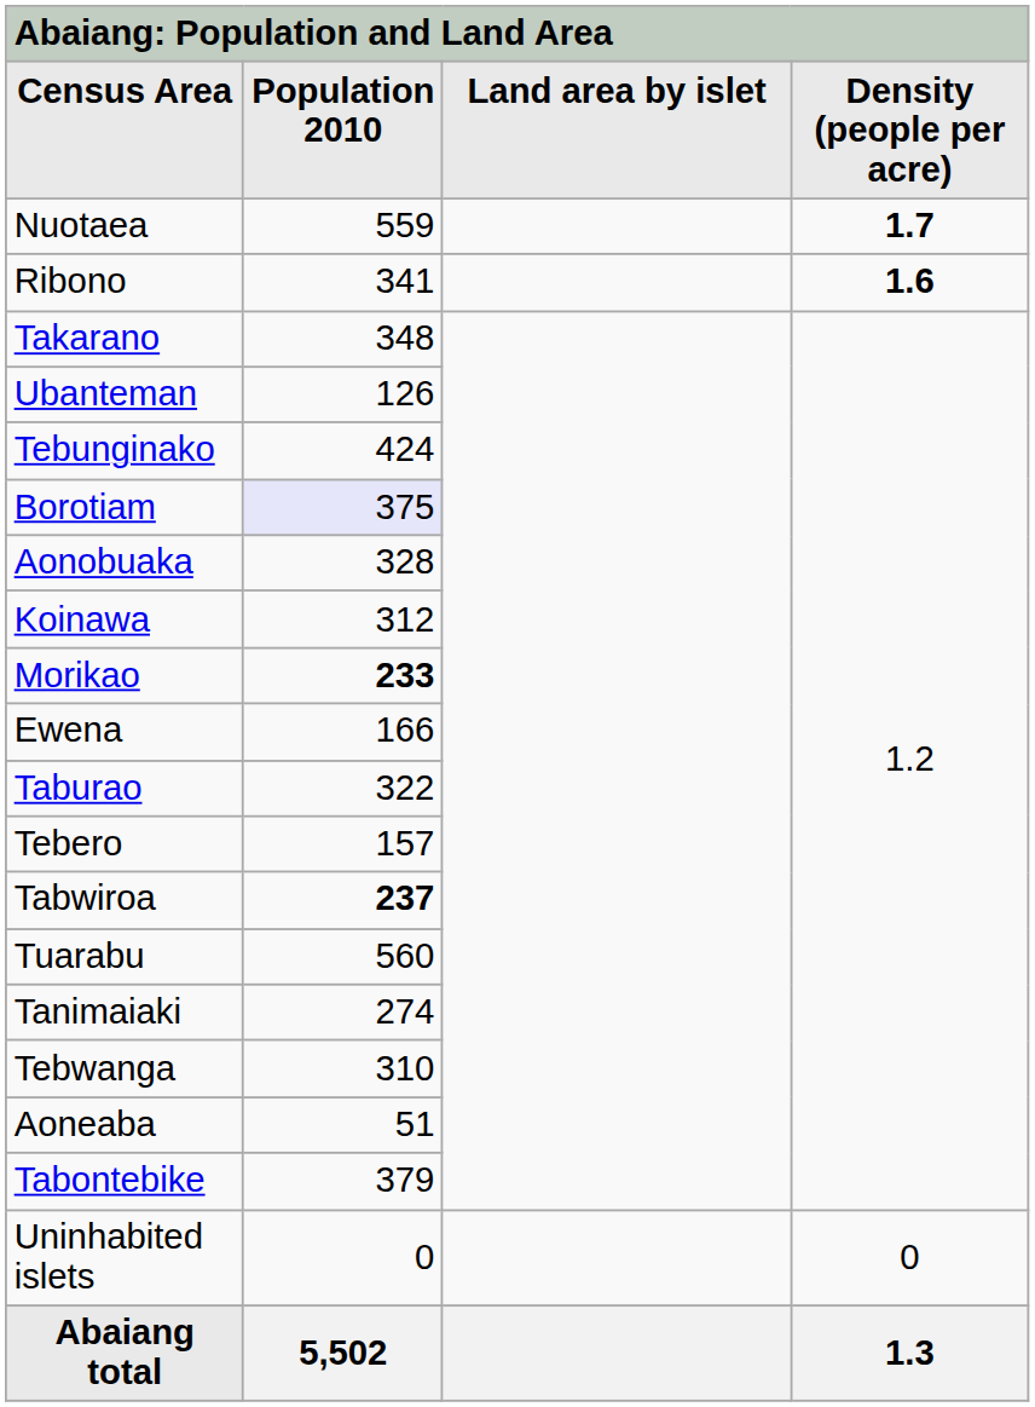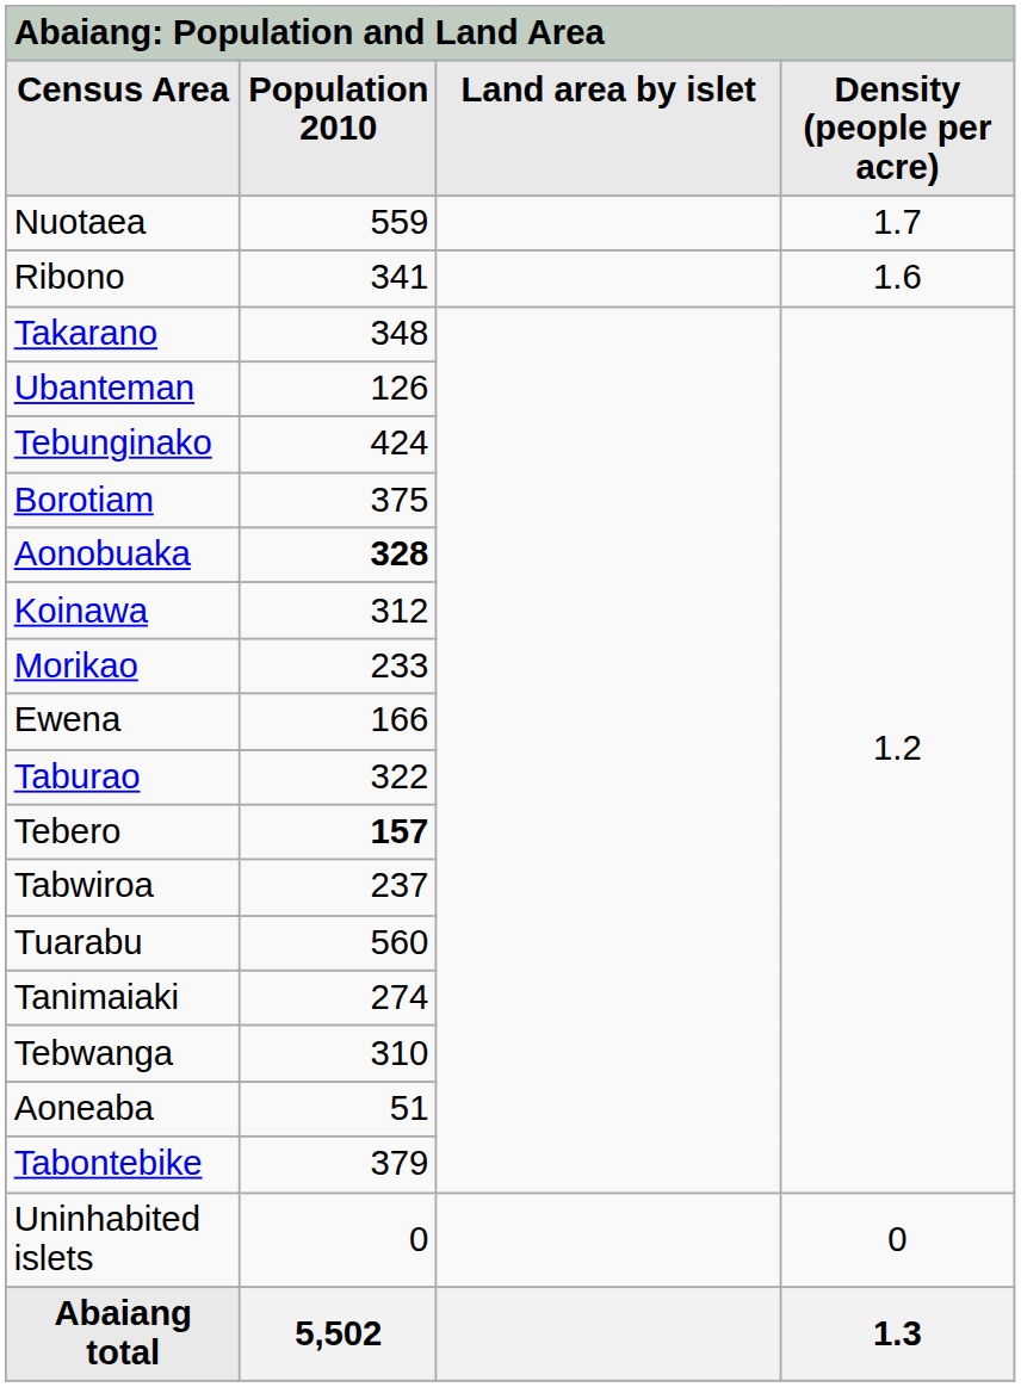 <table class="wikitable">
 <tr>
 <td colspan=4 style="background-color:#C1CDC1"><strong>Abaiang: Population and Land Area</strong></td>
 </tr>
 <tr>
 <th style="background-color:#E9E9E9" align=left valign=top width=100>Census Area</th>
 <th style="background-color:#E9E9E9" align=right valign=top width=80>Population 2010</th>
 <th style="background-color:#E9E9E9" align=right valign=top width=150>Land area by islet</th>
 <th style="background-color:#E9E9E9" align=right valign=top width=100>Density (people per acre)</th>
 </tr>
 <tr>
 <td>Nuotaea</td>
 <td align=right>559</td>
 <td align=right></td>
-<td align=center><strong>1.7</strong></td>
+<td align=center>1.7</td>
 </tr>
 <tr>
 <td>Ribono</td>
 <td align=right>341</td>
 <td align=right></td>
-<td align=center><strong>1.6</strong></td>
+<td align=center>1.6</td>
 </tr>
 <tr>
 <td><a href='#'>Takarano</a></td>
 <td align=right>348</td>
 <td align=right rowspan=16></td>
 <td align=center rowspan=16>1.2</td>
 </tr>
 <tr>
 <td><a href='#'>Ubanteman</a></td>
 <td align=right>126</td>
 </tr>
 <tr>
 <td><a href='#'>Tebunginako</a></td>
 <td align=right>424</td>
 </tr>
 <tr>
 <td><a href='#'>Borotiam</a></td>
-<td align=right style="background: lavender;">375</td>
+<td align=right>375</td>
 </tr>
 <tr>
 <td><a href='#'>Aonobuaka</a></td>
-<td align=right>328</td>
+<td align=right><strong>328</strong></td>
 </tr>
 <tr>
 <td><a href='#'>Koinawa</a></td>
 <td align=right>312</td>
 </tr>
 <tr>
 <td><a href='#'>Morikao</a></td>
-<td align=right><strong>233</strong></td>
+<td align=right>233</td>
 </tr>
 <tr>
 <td>Ewena</td>
 <td align=right>166</td>
 </tr>
 <tr>
 <td><a href='#'>Taburao</a></td>
 <td align=right>322</td>
 </tr>
 <tr>
 <td>Tebero</td>
-<td align=right>157</td>
+<td align=right><strong>157</strong></td>
 </tr>
 <tr>
 <td>Tabwiroa</td>
-<td align=right><strong>237</strong></td>
+<td align=right>237</td>
 </tr>
 <tr>
 <td>Tuarabu</td>
 <td align=right>560</td>
 </tr>
 <tr>
 <td>Tanimaiaki</td>
 <td align=right>274</td>
 </tr>
 <tr>
 <td>Tebwanga</td>
 <td align=right>310</td>
 </tr>
 <tr>
 <td>Aoneaba</td>
 <td align=right>51</td>
 </tr>
 <tr>
 <td><a href='#'>Tabontebike</a></td>
 <td align=right>379</td>
 </tr>
 <tr>
 <td>Uninhabited islets</td>
 <td align=right>0</td>
 <td align=right></td>
 <td align=center>0</td>
 </tr>
 <tr>
 <th style="background-color:#E9E9E9">Abaiang total</th>
 <th align=right>5,502</th>
 <th align=right></th>
 <th align=right>1.3</th>
 </tr>
 </table>
